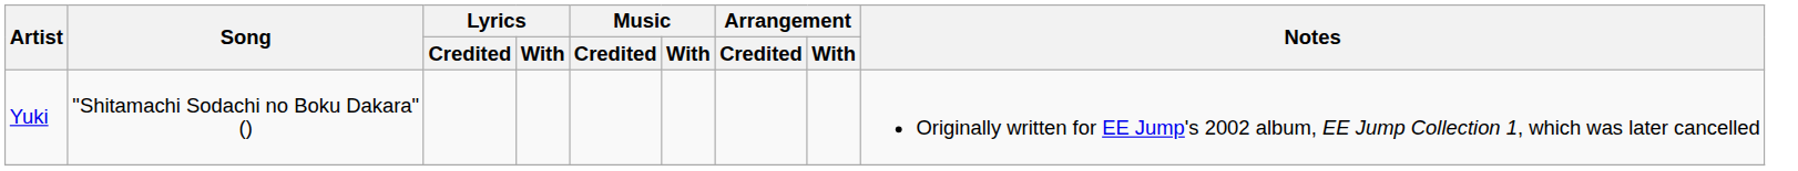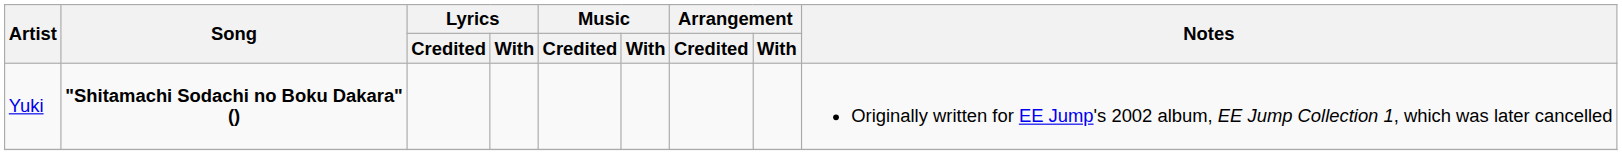 <table class="wikitable">
 <tr>
 <th rowspan="2">Artist</th>
 <th rowspan="2">Song</th>
 <th colspan="2">Lyrics</th>
 <th colspan="2">Music</th>
 <th colspan="2">Arrangement</th>
 <th rowspan="2">Notes</th>
 </tr>
 <tr>
 <th>Credited</th>
 <th>With</th>
 <th>Credited</th>
 <th>With</th>
 <th>Credited</th>
 <th>With</th>
 </tr>
 <tr>
 <td><a href='#'>Yuki</a></td>
-<td align="center">"Shitamachi Sodachi no Boku Dakara"<br>()</td>
+<td align="center"><strong>"Shitamachi Sodachi no Boku Dakara"<br>()</strong></td>
 <td></td>
 <td></td>
 <td></td>
 <td></td>
 <td></td>
 <td></td>
 <td><br><ul><li>Originally written for <a href='#'>EE Jump</a>'s 2002 album, <em>EE Jump Collection 1</em>, which was later cancelled</li></ul></td>
 </tr>
 <tr>
 </tr>
 </table>
